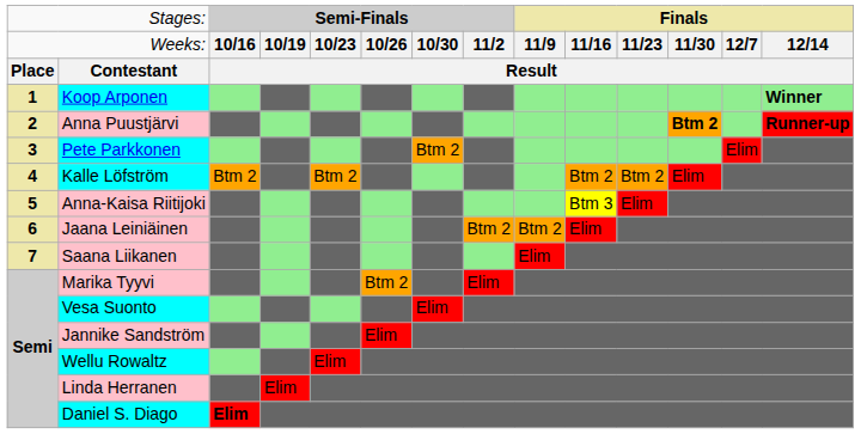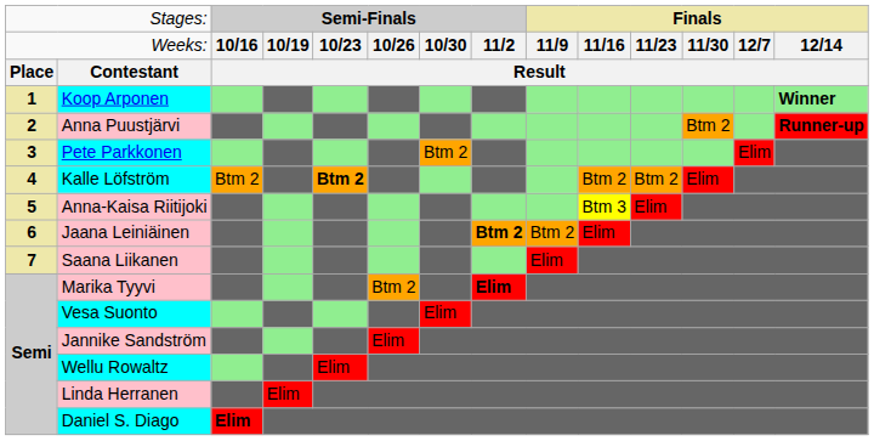 <table class="wikitable" style="margin:auto;">
 <tr>
 <td colspan="2" style="text-align:right;"><em>Stages:</em></td>
 <td colspan="6"  style="background:#ccc; text-align:Center;"><strong>Semi-Finals</strong></td>
 <td colspan="6"  style="background:palegoldenrod; text-align:Center;"><strong>Finals</strong></td>
 </tr>
 <tr>
 <td colspan="2" style="text-align:right;"><em>Weeks:</em></td>
 <th>10/16</th>
 <th>10/19</th>
 <th>10/23</th>
 <th>10/26</th>
 <th>10/30</th>
 <th>11/2</th>
 <th>11/9</th>
 <th>11/16</th>
 <th>11/23</th>
 <th>11/30</th>
 <th>12/7</th>
 <th>12/14</th>
 </tr>
 <tr>
 <th>Place</th>
 <th>Contestant</th>
 <th colspan="15" style="text-align:center;">Result</th>
 </tr>
 <tr>
 <td style="text-align:center; background:palegoldenrod;"><strong>1</strong></td>
 <td style="background:cyan;"><a href='#'>Koop Arponen</a></td>
 <td style="background: lightgreen"></td>
 <td style="background:#666;"></td>
 <td style="background: lightgreen"></td>
 <td style="background:#666;"></td>
 <td style="background: lightgreen"></td>
 <td style="background:#666;"></td>
 <td style="background: lightgreen"></td>
 <td style="background: lightgreen"></td>
 <td style="background: lightgreen"></td>
 <td style="background: lightgreen"></td>
 <td style="background: lightgreen"></td>
 <td style="background: lightgreen"><strong>Winner</strong></td>
 </tr>
 <tr>
 <td style="text-align:center; background:palegoldenrod;"><strong>2</strong></td>
 <td style="background:pink;">Anna Puustjärvi</td>
 <td style="background:#666;"></td>
 <td style="background: lightgreen"></td>
 <td style="background:#666;"></td>
 <td style="background: lightgreen"></td>
 <td style="background:#666;"></td>
 <td style="background: lightgreen"></td>
 <td style="background: lightgreen"></td>
 <td style="background: lightgreen"></td>
 <td style="background: lightgreen"></td>
-<td style="background: orange"><strong>Btm 2</strong></td>
+<td style="background: orange">Btm 2</td>
 <td style="background: lightgreen"></td>
 <td style="background: red"><strong>Runner-up</strong></td>
 </tr>
 <tr>
 <td style="text-align:center; background:palegoldenrod;"><strong>3</strong></td>
 <td style="background:cyan;"><a href='#'>Pete Parkkonen</a></td>
 <td style="background: lightgreen"></td>
 <td style="background:#666;"></td>
 <td style="background: lightgreen"></td>
 <td style="background:#666;"></td>
 <td style="background: orange">Btm 2</td>
 <td style="background:#666;"></td>
 <td style="background: lightgreen"></td>
 <td style="background: lightgreen"></td>
 <td style="background: lightgreen"></td>
 <td style="background: lightgreen"></td>
 <td style="background: red"><span>Elim</span></td>
 <td style="background:#666;"></td>
 </tr>
 <tr>
 <td style="text-align:center; background:palegoldenrod;"><strong>4</strong></td>
 <td style="background:cyan;">Kalle Löfström</td>
 <td style="background: orange">Btm 2</td>
 <td style="background:#666;"></td>
-<td style="background: orange">Btm 2</td>
+<td style="background: orange"><strong>Btm 2</strong></td>
 <td style="background:#666;"></td>
 <td style="background: lightgreen"></td>
 <td style="background:#666;"></td>
 <td style="background: lightgreen"></td>
 <td style="background: orange">Btm 2</td>
 <td style="background: orange">Btm 2</td>
 <td style="background: red"><span>Elim</span></td>
 <td colspan="2" style="background:#666;"></td>
 </tr>
 <tr>
 <td style="text-align:center; background:palegoldenrod;"><strong>5</strong></td>
 <td style="background:pink;">Anna-Kaisa Riitijoki</td>
 <td style="background:#666;"></td>
 <td style="background: lightgreen"></td>
 <td style="background:#666;"></td>
 <td style="background: lightgreen"></td>
 <td style="background:#666;"></td>
 <td style="background: lightgreen"></td>
 <td style="background: lightgreen"></td>
 <td style="background: yellow">Btm 3</td>
 <td style="background: red"><span>Elim</span></td>
 <td colspan="3" style="background:#666;"></td>
 </tr>
 <tr>
 <td style="text-align:center; background:palegoldenrod;"><strong>6</strong></td>
 <td style="background:pink;">Jaana Leiniäinen</td>
 <td style="background:#666;"></td>
 <td style="background: lightgreen"></td>
 <td style="background:#666;"></td>
 <td style="background: lightgreen"></td>
 <td style="background:#666;"></td>
-<td style="background: orange">Btm 2</td>
+<td style="background: orange"><strong>Btm 2</strong></td>
 <td style="background: orange">Btm 2</td>
 <td style="background: red"><span>Elim</span></td>
 <td colspan="4" style="background:#666;"></td>
 </tr>
 <tr>
 <td style="text-align:center; background:palegoldenrod;"><strong>7</strong></td>
 <td style="background:pink;">Saana Liikanen</td>
 <td style="background:#666;"></td>
 <td style="background: lightgreen"></td>
 <td style="background:#666;"></td>
 <td style="background: lightgreen"></td>
 <td style="background:#666;"></td>
 <td style="background: lightgreen"></td>
 <td style="background: red"><span>Elim</span></td>
 <td colspan="5" style="background:#666;"></td>
 </tr>
 <tr>
 <td style="background:#ccc; text-align:center;" rowspan="6"><strong>Semi</strong></td>
 <td style="background:pink;">Marika Tyyvi</td>
 <td style="background:#666;"></td>
 <td style="background: lightgreen"></td>
 <td style="background:#666;"></td>
 <td style="background: orange">Btm 2</td>
 <td style="background:#666;"></td>
-<td style="background: red"><span>Elim</span></td>
+<td style="background: red"><strong><span>Elim</span></strong></td>
 <td colspan="6" style="background:#666;"></td>
 </tr>
 <tr>
 <td style="background:cyan;">Vesa Suonto</td>
 <td style="background: lightgreen"></td>
 <td style="background:#666;"></td>
 <td style="background: lightgreen"></td>
 <td style="background:#666;"></td>
 <td style="background: red"><span>Elim</span></td>
 <td colspan="7" style="background:#666;"></td>
 </tr>
 <tr>
 <td style="background:pink;">Jannike Sandström</td>
 <td style="background:#666;"></td>
 <td style="background: lightgreen"></td>
 <td style="background:#666;"></td>
 <td style="background: red"><span>Elim</span></td>
 <td colspan="8" style="background:#666;"></td>
 </tr>
 <tr>
 <td style="background:cyan;">Wellu Rowaltz</td>
 <td style="background: lightgreen"></td>
 <td style="background:#666;"></td>
 <td style="background: red"><span>Elim</span></td>
 <td colspan="9" style="background:#666;"></td>
 </tr>
 <tr>
 <td style="background:pink;">Linda Herranen</td>
 <td style="background:#666;"></td>
 <td style="background: red"><span>Elim</span></td>
 <td colspan="10" style="background:#666;"></td>
 </tr>
 <tr>
 <td style="background:cyan;">Daniel S. Diago</td>
 <td style="background: red"><strong><span>Elim</span></strong></td>
 <td colspan="11" style="background:#666;"></td>
 </tr>
 </table>
